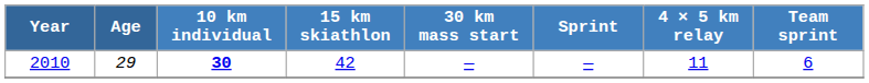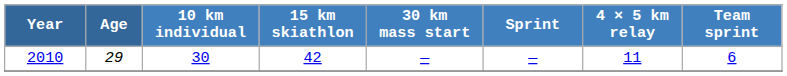 <table class="wikitable" style="font-size:95%; text-align:center; border:grey solid 1px; border-collapse:collapse; background:#ffffff;">
 <tr>
 <th style="background-color:#369; color:white; width:60px;"> Year </th>
 <th style="background-color:#369; color:white; width:40px;"> Age </th>
 <th style="background-color:#4180be; color:white; width:75px;"> 10 km <br> individual </th>
 <th style="background-color:#4180be; color:white; width:75px;"> 15 km <br> skiathlon </th>
 <th style="background-color:#4180be; color:white; width:75px;"> 30 km <br> mass start </th>
 <th style="background-color:#4180be; color:white; width:75px;"> Sprint </th>
 <th style="background-color:#4180be; color:white; width:75px;"> 4 × 5 km <br> relay </th>
 <th style="background-color:#4180be; color:white; width:75px;"> Team <br> sprint </th>
 </tr>
 <tr>
 <td><a href='#'>2010</a></td>
 <td><em>29</em></td>
-<td><strong><a href='#'>30</a></strong></td>
+<td><a href='#'>30</a></td>
 <td><a href='#'>42</a></td>
 <td><a href='#'>—</a></td>
 <td><a href='#'>—</a></td>
 <td><a href='#'>11</a></td>
 <td><a href='#'>6</a></td>
 </tr>
 <tr>
 </tr>
 </table>
